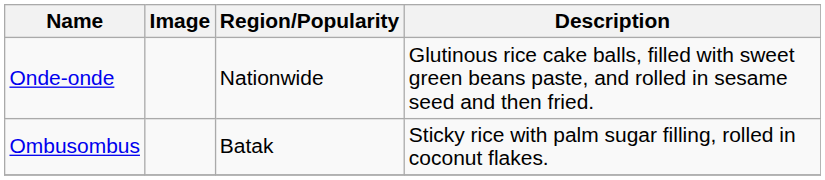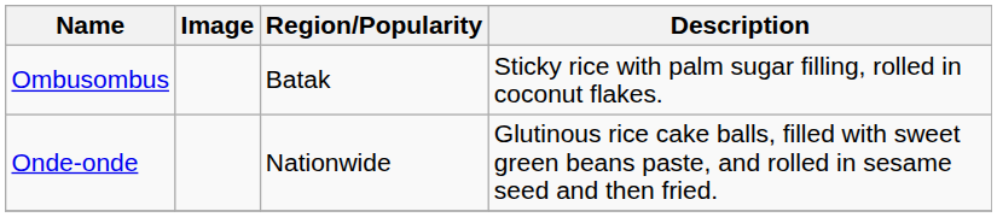 <table class="wikitable sortable" width="100%">
 <tr>
 <th>Name</th>
 <th>Image</th>
 <th>Region/Popularity</th>
 <th>Description</th>
 </tr>
 <tr>
+<td><a href='#'>Ombusombus</a></td>
+<td></td>
+<td>Batak</td>
+<td>Sticky rice with palm sugar filling, rolled in coconut flakes.</td>
+</tr>
+<tr>
 <td><a href='#'>Onde-onde</a></td>
 <td></td>
 <td>Nationwide</td>
 <td>Glutinous rice cake balls, filled with sweet green beans paste, and rolled in sesame seed and then fried.</td>
 </tr>
 <tr>
-<td><a href='#'>Ombusombus</a></td>
-<td></td>
-<td>Batak</td>
-<td>Sticky rice with palm sugar filling, rolled in coconut flakes.</td>
-</tr>
-<tr>
 </tr>
 </table>
